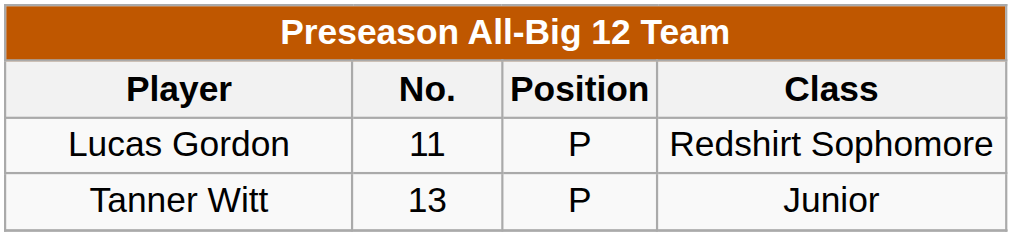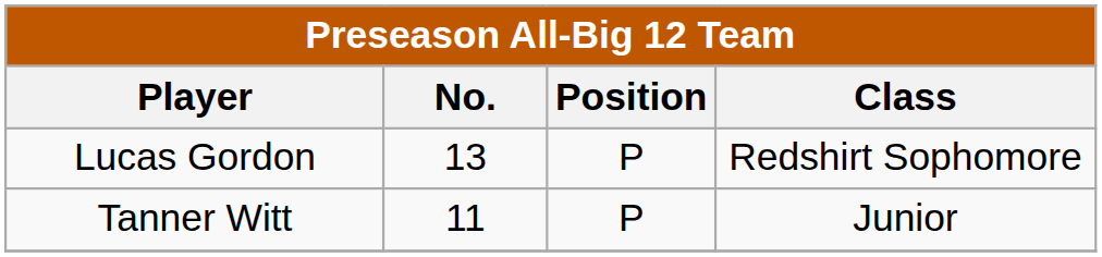 <table class="wikitable" style="text-align:center">
 <tr>
 <td colspan="5" style= "background: #BF5700; color:white"><strong>Preseason All-Big 12 Team</strong></td>
 </tr>
 <tr>
 <th style="width:150px; ">Player</th>
 <th style="width:60px; ">No.</th>
 <th style="width:60px; ">Position</th>
 <th style="width:150px; ">Class</th>
 </tr>
 <tr>
 <td>Lucas Gordon</td>
-<td>11</td>
+<td>13</td>
 <td>P</td>
 <td>Redshirt Sophomore</td>
 </tr>
 <tr>
 <td>Tanner Witt</td>
-<td>13</td>
+<td>11</td>
 <td>P</td>
 <td>Junior</td>
 </tr>
 <tr>
 </tr>
 </table>
